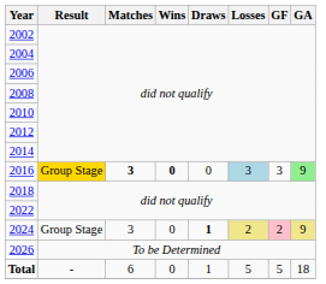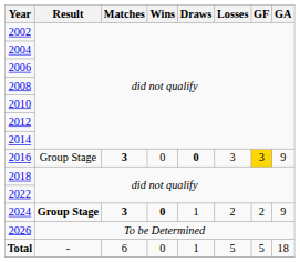 <table class="wikitable" style="text-align: center;">
 <tr>
 <th>Year</th>
 <th>Result</th>
 <th>Matches</th>
 <th>Wins</th>
 <th>Draws</th>
 <th>Losses</th>
 <th>GF</th>
 <th>GA</th>
 </tr>
 <tr>
 <td> <a href='#'>2002</a></td>
 <td colspan="7" rowspan="7"><em>did not qualify</em></td>
 </tr>
 <tr>
 <td> <a href='#'>2004</a></td>
 </tr>
 <tr>
 <td> <a href='#'>2006</a></td>
 </tr>
 <tr>
 <td> <a href='#'>2008</a></td>
 </tr>
 <tr>
 <td> <a href='#'>2010</a></td>
 </tr>
 <tr>
 <td> <a href='#'>2012</a></td>
 </tr>
 <tr>
 <td> <a href='#'>2014</a></td>
 </tr>
 <tr>
 <td> <a href='#'>2016</a></td>
-<td style="background: gold;">Group Stage</td>
+<td>Group Stage</td>
 <td><strong>3</strong></td>
+<td>0</td>
 <td><strong>0</strong></td>
-<td>0</td>
-<td style="background: lightblue;">3</td>
 <td>3</td>
-<td style="background: lightgreen;">9</td>
+<td style="background: gold;">3</td>
+<td>9</td>
 </tr>
 <tr>
 <td> <a href='#'>2018</a></td>
 <td colspan="7" rowspan="2"><em>did not qualify</em></td>
 </tr>
 <tr>
 <td> <a href='#'>2022</a></td>
 </tr>
 <tr>
 <td> <a href='#'>2024</a></td>
-<td>Group Stage</td>
-<td>3</td>
-<td>0</td>
-<td><strong>1</strong></td>
-<td style="background: khaki;">2</td>
-<td style="background: pink;">2</td>
-<td style="background: khaki;">9</td>
+<td><strong>Group Stage</strong></td>
+<td><strong>3</strong></td>
+<td><strong>0</strong></td>
+<td>1</td>
+<td>2</td>
+<td>2</td>
+<td>9</td>
 </tr>
 <tr>
 <td> <a href='#'>2026</a></td>
 <td colspan="7"><em>To be Determined</em></td>
 </tr>
 <tr>
 <td><strong>Total</strong></td>
 <td>-</td>
 <td>6</td>
 <td>0</td>
 <td>1</td>
 <td>5</td>
 <td>5</td>
 <td>18</td>
 </tr>
 <tr>
 </tr>
 </table>
